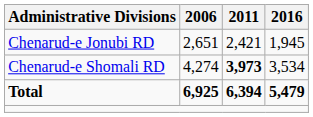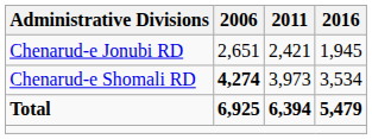 <table class="wikitable">
 <tr>
 <th>Administrative Divisions</th>
 <th>2006</th>
 <th>2011</th>
 <th>2016</th>
 </tr>
 <tr>
 <td><a href='#'>Chenarud-e Jonubi RD</a></td>
 <td style="text-align: right;">2,651</td>
 <td style="text-align: right;">2,421</td>
 <td style="text-align: right;">1,945</td>
 </tr>
 <tr>
 <td><a href='#'>Chenarud-e Shomali RD</a></td>
-<td style="text-align: right;">4,274</td>
-<td style="text-align: right;"><strong>3,973</strong></td>
+<td style="text-align: right;"><strong>4,274</strong></td>
+<td style="text-align: right;">3,973</td>
 <td style="text-align: right;">3,534</td>
 </tr>
 <tr>
 <td><strong>Total</strong></td>
 <td style="text-align: right;"><strong>6,925</strong></td>
 <td style="text-align: right;"><strong>6,394</strong></td>
 <td style="text-align: right;"><strong>5,479</strong></td>
 </tr>
 <tr>
 <td colspan=4></td>
 </tr>
 </table>
